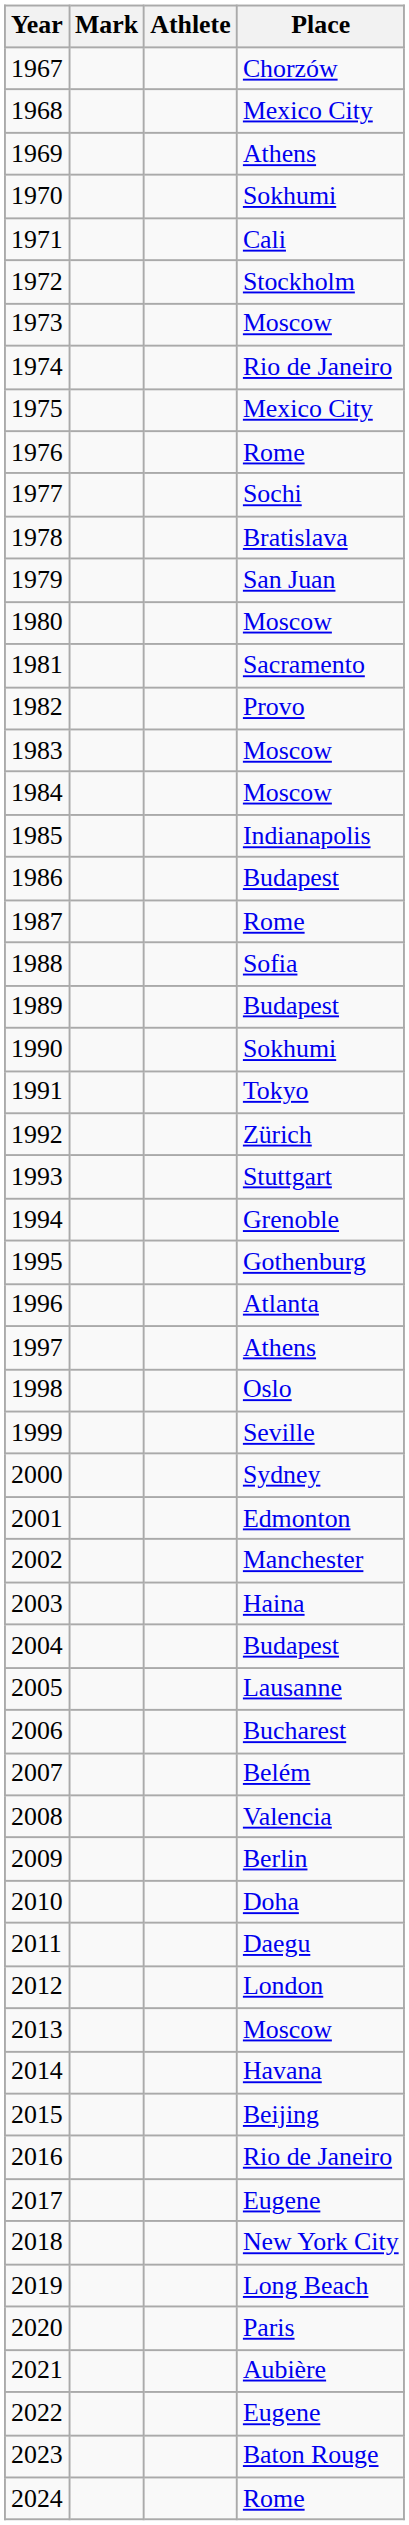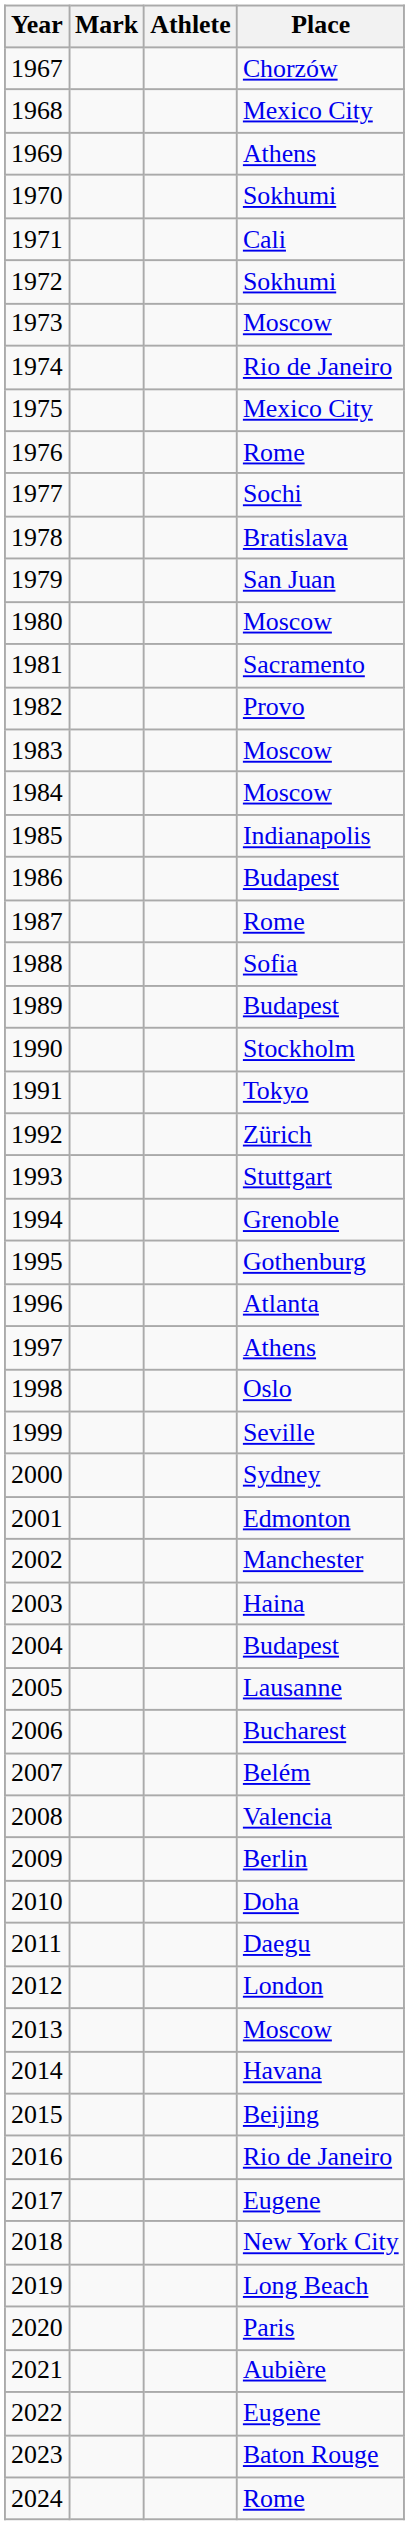 <table class="wikitable sortable" style="font-size:85%; display:inline-table;">
 <tr>
 <th>Year</th>
 <th>Mark</th>
 <th>Athlete</th>
 <th>Place</th>
 </tr>
 <tr>
 <td>1967</td>
 <td></td>
 <td align=left></td>
 <td><a href='#'>Chorzów</a></td>
 </tr>
 <tr>
 <td>1968</td>
 <td> </td>
 <td align=left></td>
 <td><a href='#'>Mexico City</a></td>
 </tr>
 <tr>
 <td>1969</td>
 <td></td>
 <td align=left></td>
 <td><a href='#'>Athens</a></td>
 </tr>
 <tr>
 <td>1970</td>
 <td></td>
 <td align=left></td>
 <td><a href='#'>Sokhumi</a></td>
 </tr>
 <tr>
 <td>1971</td>
 <td></td>
 <td align=left></td>
 <td><a href='#'>Cali</a></td>
 </tr>
 <tr>
 <td>1972</td>
 <td></td>
 <td align=left></td>
-<td><a href='#'>Stockholm</a></td>
+<td><a href='#'>Sokhumi</a></td>
 </tr>
 <tr>
 <td>1973</td>
 <td></td>
 <td align=left></td>
 <td><a href='#'>Moscow</a></td>
 </tr>
 <tr>
 <td>1974</td>
 <td></td>
 <td align=left></td>
 <td><a href='#'>Rio de Janeiro</a></td>
 </tr>
 <tr>
 <td>1975</td>
 <td> </td>
 <td align=left></td>
 <td><a href='#'>Mexico City</a></td>
 </tr>
 <tr>
 <td>1976</td>
 <td></td>
 <td align=left></td>
 <td><a href='#'>Rome</a></td>
 </tr>
 <tr>
 <td>1977</td>
 <td></td>
 <td align=left></td>
 <td><a href='#'>Sochi</a></td>
 </tr>
 <tr>
 <td>1978</td>
 <td></td>
 <td align=left></td>
 <td><a href='#'>Bratislava</a></td>
 </tr>
 <tr>
 <td>1979</td>
 <td></td>
 <td align=left></td>
 <td><a href='#'>San Juan</a></td>
 </tr>
 <tr>
 <td>1980</td>
 <td></td>
 <td align=left></td>
 <td><a href='#'>Moscow</a></td>
 </tr>
 <tr>
 <td>1981</td>
 <td></td>
 <td align=left></td>
 <td><a href='#'>Sacramento</a></td>
 </tr>
 <tr>
 <td>1982</td>
 <td></td>
 <td align=left></td>
 <td><a href='#'>Provo</a></td>
 </tr>
 <tr>
 <td>1983</td>
 <td></td>
 <td align=left></td>
 <td><a href='#'>Moscow</a></td>
 </tr>
 <tr>
 <td>1984</td>
 <td></td>
 <td align=left></td>
 <td><a href='#'>Moscow</a></td>
 </tr>
 <tr>
 <td>1985</td>
 <td></td>
 <td align=left></td>
 <td><a href='#'>Indianapolis</a></td>
 </tr>
 <tr>
 <td>1986</td>
 <td></td>
 <td align=left></td>
 <td><a href='#'>Budapest</a></td>
 </tr>
 <tr>
 <td>1987</td>
 <td></td>
 <td align=left></td>
 <td><a href='#'>Rome</a></td>
 </tr>
 <tr>
 <td>1988</td>
 <td></td>
 <td align=left></td>
 <td><a href='#'>Sofia</a></td>
 </tr>
 <tr>
 <td>1989</td>
 <td> </td>
 <td align=left></td>
 <td><a href='#'>Budapest</a></td>
 </tr>
 <tr>
 <td>1990</td>
 <td></td>
 <td align=left></td>
-<td><a href='#'>Sokhumi</a></td>
+<td><a href='#'>Stockholm</a></td>
 </tr>
 <tr>
 <td>1991</td>
 <td></td>
 <td align=left></td>
 <td><a href='#'>Tokyo</a></td>
 </tr>
 <tr>
 <td>1992</td>
 <td></td>
 <td align=left></td>
 <td><a href='#'>Zürich</a></td>
 </tr>
 <tr>
 <td>1993</td>
 <td></td>
 <td align=left></td>
 <td><a href='#'>Stuttgart</a></td>
 </tr>
 <tr>
 <td>1994</td>
 <td> </td>
 <td align=left></td>
 <td><a href='#'>Grenoble</a></td>
 </tr>
 <tr>
 <td>1995</td>
 <td></td>
 <td align=left></td>
 <td><a href='#'>Gothenburg</a></td>
 </tr>
 <tr>
 <td>1996</td>
 <td></td>
 <td align=left></td>
 <td><a href='#'>Atlanta</a></td>
 </tr>
 <tr>
 <td>1997</td>
 <td></td>
 <td align=left></td>
 <td><a href='#'>Athens</a></td>
 </tr>
 <tr>
 <td>1998</td>
 <td></td>
 <td align=left></td>
 <td><a href='#'>Oslo</a></td>
 </tr>
 <tr>
 <td>1999</td>
 <td></td>
 <td align=left></td>
 <td><a href='#'>Seville</a></td>
 </tr>
 <tr>
 <td>2000</td>
 <td></td>
 <td align=left></td>
 <td><a href='#'>Sydney</a></td>
 </tr>
 <tr>
 <td>2001</td>
 <td></td>
 <td align=left></td>
 <td><a href='#'>Edmonton</a></td>
 </tr>
 <tr>
 <td>2002</td>
 <td></td>
 <td align=left></td>
 <td><a href='#'>Manchester</a></td>
 </tr>
 <tr>
 <td>2003</td>
 <td></td>
 <td align=left></td>
 <td><a href='#'>Haina</a></td>
 </tr>
 <tr>
 <td>2004</td>
 <td> </td>
 <td align=left></td>
 <td><a href='#'>Budapest</a></td>
 </tr>
 <tr>
 <td>2005</td>
 <td></td>
 <td align=left></td>
 <td><a href='#'>Lausanne</a></td>
 </tr>
 <tr>
 <td>2006</td>
 <td> </td>
 <td align=left></td>
 <td><a href='#'>Bucharest</a></td>
 </tr>
 <tr>
 <td>2007</td>
 <td></td>
 <td align=left></td>
 <td><a href='#'>Belém</a></td>
 </tr>
 <tr>
 <td>2008</td>
 <td> </td>
 <td align=left></td>
 <td><a href='#'>Valencia</a></td>
 </tr>
 <tr>
 <td>2009</td>
 <td></td>
 <td align=left></td>
 <td><a href='#'>Berlin</a></td>
 </tr>
 <tr>
 <td>2010</td>
 <td></td>
 <td align=left></td>
 <td><a href='#'>Doha</a></td>
 </tr>
 <tr>
 <td>2011</td>
 <td></td>
 <td align=left></td>
 <td><a href='#'>Daegu</a></td>
 </tr>
 <tr>
 <td>2012</td>
 <td></td>
 <td align=left></td>
 <td><a href='#'>London</a></td>
 </tr>
 <tr>
 <td>2013</td>
 <td></td>
 <td align=left></td>
 <td><a href='#'>Moscow</a></td>
 </tr>
 <tr>
 <td>2014</td>
 <td></td>
 <td align=left></td>
 <td><a href='#'>Havana</a></td>
 </tr>
 <tr>
 <td>2015</td>
 <td></td>
 <td align=left></td>
 <td><a href='#'>Beijing</a></td>
 </tr>
 <tr>
 <td>2016</td>
 <td></td>
 <td align=left></td>
 <td><a href='#'>Rio de Janeiro</a></td>
 </tr>
 <tr>
 <td>2017</td>
 <td></td>
 <td align=left></td>
 <td><a href='#'>Eugene</a></td>
 </tr>
 <tr>
 <td>2018</td>
 <td></td>
 <td align=left></td>
 <td><a href='#'>New York City</a></td>
 </tr>
 <tr>
 <td>2019</td>
 <td></td>
 <td align=left></td>
 <td><a href='#'>Long Beach</a></td>
 </tr>
 <tr>
 <td>2020</td>
 <td> </td>
 <td align=left></td>
 <td><a href='#'>Paris</a></td>
 </tr>
 <tr>
 <td>2021</td>
 <td> </td>
 <td align=left></td>
 <td><a href='#'>Aubière</a></td>
 </tr>
 <tr>
 <td>2022</td>
 <td></td>
 <td align=left></td>
 <td><a href='#'>Eugene</a></td>
 </tr>
 <tr>
 <td>2023</td>
 <td></td>
 <td align=left></td>
 <td><a href='#'>Baton Rouge</a></td>
 </tr>
 <tr>
 <td>2024</td>
 <td></td>
 <td align=left></td>
 <td><a href='#'>Rome</a></td>
 </tr>
 </table>
